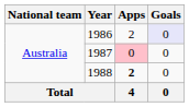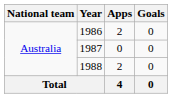 <table class="wikitable" style="text-align: center;">
 <tr>
 <th>National team</th>
 <th>Year</th>
 <th>Apps</th>
 <th>Goals</th>
 </tr>
 <tr>
 <td rowspan="3"><a href='#'>Australia</a></td>
 <td>1986</td>
 <td>2</td>
-<td style="background: lavender;">0</td>
+<td>0</td>
 </tr>
 <tr>
 <td>1987</td>
-<td style="background: pink;">0</td>
+<td>0</td>
 <td>0</td>
 </tr>
 <tr>
 <td>1988</td>
-<td><strong>2</strong></td>
+<td>2</td>
 <td>0</td>
 </tr>
 <tr>
 <th colspan="2">Total</th>
 <th>4</th>
 <th>0</th>
 </tr>
 </table>
